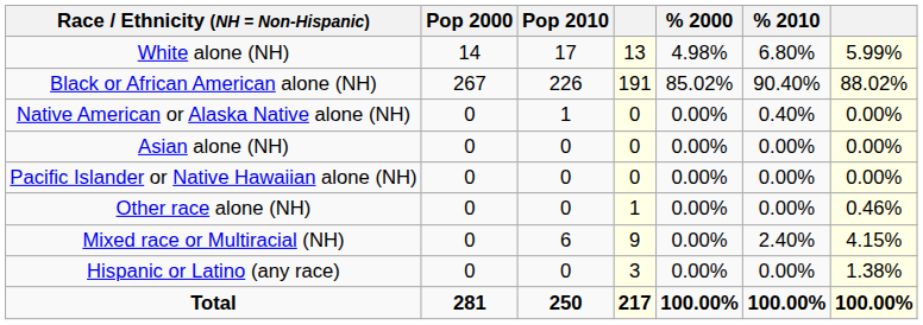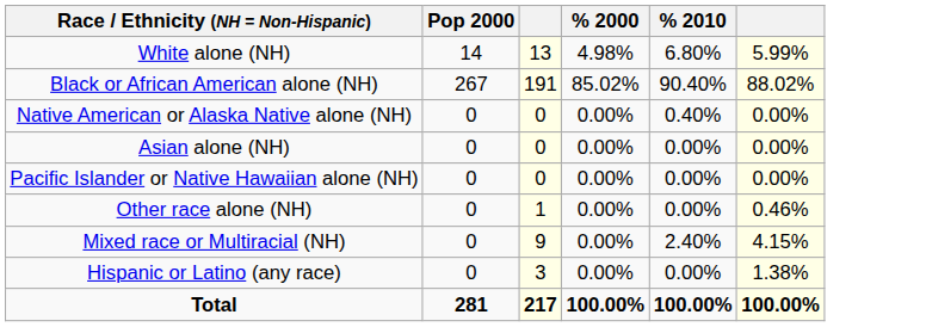 <table class="wikitable"  style="text-align:center;">
 <tr>
 <th>Race / Ethnicity <small>(<em>NH = Non-Hispanic</em>)</small></th>
 <th>Pop 2000</th>
-<th>Pop 2010</th>
 <th></th>
 <th>% 2000</th>
 <th>% 2010</th>
 <th></th>
 </tr>
 <tr>
 <td><a href='#'>White</a> alone (NH)</td>
 <td>14</td>
-<td>17</td>
 <td style='background: #ffffe6;'>13</td>
 <td>4.98%</td>
 <td>6.80%</td>
 <td style='background: #ffffe6;'>5.99%</td>
 </tr>
 <tr>
 <td><a href='#'>Black or African American</a> alone (NH)</td>
 <td>267</td>
-<td>226</td>
 <td style='background: #ffffe6;'>191</td>
 <td>85.02%</td>
 <td>90.40%</td>
 <td style='background: #ffffe6;'>88.02%</td>
 </tr>
 <tr>
 <td><a href='#'>Native American</a> or <a href='#'>Alaska Native</a> alone (NH)</td>
 <td>0</td>
-<td>1</td>
 <td style='background: #ffffe6;'>0</td>
 <td>0.00%</td>
 <td>0.40%</td>
 <td style='background: #ffffe6;'>0.00%</td>
 </tr>
 <tr>
 <td><a href='#'>Asian</a> alone (NH)</td>
-<td>0</td>
 <td>0</td>
 <td style='background: #ffffe6;'>0</td>
 <td>0.00%</td>
 <td>0.00%</td>
 <td style='background: #ffffe6;'>0.00%</td>
 </tr>
 <tr>
 <td><a href='#'>Pacific Islander</a> or <a href='#'>Native Hawaiian</a> alone (NH)</td>
 <td>0</td>
-<td>0</td>
 <td style='background: #ffffe6;'>0</td>
 <td>0.00%</td>
 <td>0.00%</td>
 <td style='background: #ffffe6;'>0.00%</td>
 </tr>
 <tr>
 <td><a href='#'>Other race</a> alone (NH)</td>
-<td>0</td>
 <td>0</td>
 <td style='background: #ffffe6;'>1</td>
 <td>0.00%</td>
 <td>0.00%</td>
 <td style='background: #ffffe6;'>0.46%</td>
 </tr>
 <tr>
 <td><a href='#'>Mixed race or Multiracial</a> (NH)</td>
 <td>0</td>
-<td>6</td>
 <td style='background: #ffffe6;'>9</td>
 <td>0.00%</td>
 <td>2.40%</td>
 <td style='background: #ffffe6;'>4.15%</td>
 </tr>
 <tr>
 <td><a href='#'>Hispanic or Latino</a> (any race)</td>
-<td>0</td>
 <td>0</td>
 <td style='background: #ffffe6;'>3</td>
 <td>0.00%</td>
 <td>0.00%</td>
 <td style='background: #ffffe6;'>1.38%</td>
 </tr>
 <tr>
 <td><strong>Total</strong></td>
 <td><strong>281</strong></td>
-<td><strong>250</strong></td>
 <td style='background: #ffffe6;'><strong>217</strong></td>
 <td><strong>100.00%</strong></td>
 <td><strong>100.00%</strong></td>
 <td style='background: #ffffe6;'><strong>100.00%</strong></td>
 </tr>
 </table>
